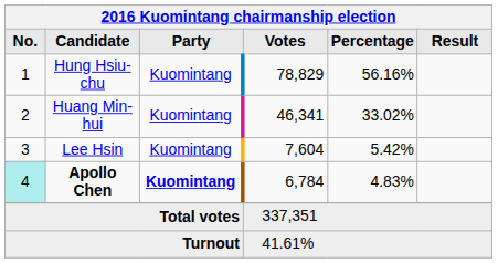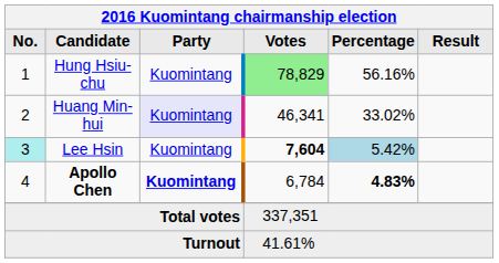 <table class="wikitable sortable" style="margin:1em auto; text-align:center">
 <tr>
 <th colspan="7" width=500px><a href='#'>2016 Kuomintang chairmanship election</a></th>
 </tr>
 <tr>
 <th style="background-color:#E9E9E9;text-align:center;" width="35">No.</th>
 <th style="background-color:#E9E9E9;text-align:center;" width="90">Candidate</th>
 <th style="background-color:#E9E9E9;text-align:center;" width="100">Party</th>
 <th style="background-color:#E9E9E9;text-align:center;" width="80">Votes</th>
 <th style="background-color:#E9E9E9;text-align:center;" width="70">Percentage</th>
 <th style="background-color:#E9E9E9;text-align:center;" width="70">Result</th>
 </tr>
 <tr>
 <td>1</td>
 <td style="text-align:center;"><a href='#'>Hung Hsiu-chu</a></td>
 <td><a href='#'>Kuomintang</a></td>
-<td style="border-left:4px solid #0080C0;" align="right">78,829</td>
+<td style="background: lightgreen; border-left:4px solid #0080C0;" align="right">78,829</td>
 <td align="right">56.16%</td>
 <td align="center"></td>
 </tr>
 <tr>
 <td>2</td>
 <td style="text-align:center;"><a href='#'>Huang Min-hui</a></td>
-<td><a href='#'>Kuomintang</a></td>
+<td style="background: lavender;"><a href='#'>Kuomintang</a></td>
 <td style="border-left:4px solid #D42187;" align="right">46,341</td>
 <td align="right">33.02%</td>
 <td align="center"></td>
 </tr>
 <tr>
-<td>3</td>
+<td style="background: paleturquoise;">3</td>
 <td style="text-align:center;"><a href='#'>Lee Hsin</a></td>
 <td><a href='#'>Kuomintang</a></td>
-<td style="border-left:4px solid #FEB008;" align="right">7,604</td>
-<td align="right">5.42%</td>
+<td style="border-left:4px solid #FEB008;" align="right"><strong>7,604</strong></td>
+<td align="right" style="background: lightblue;">5.42%</td>
 <td align="center"></td>
 </tr>
 <tr>
-<td style="background: paleturquoise;">4</td>
+<td>4</td>
 <td style="text-align:center;"><strong>Apollo Chen</strong></td>
 <td><strong><a href='#'>Kuomintang</a></strong></td>
 <td style="border-left:4px solid #A25306;" align="right">6,784</td>
-<td align="right">4.83%</td>
+<td align="right"><strong>4.83%</strong></td>
 <td align="center"></td>
 </tr>
 <tr>
 </tr>
 <tr>
 </tr>
 <tr bgcolor=EEEEEE class="sortbottom">
 <td colspan="3" style="text-align: right"><strong>Total votes</strong></td>
 <td colspan="3" align="left">　337,351</td>
 </tr>
 <tr bgcolor=EEEEEE class="sortbottom">
 <td colspan="3" style="text-align: right"><strong>Turnout</strong></td>
 <td colspan="3" align="left">　41.61%</td>
 </tr>
 </table>
